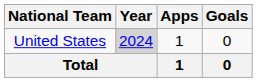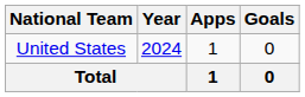 <table class="wikitable" style="text-align:center">
 <tr>
 <th>National Team</th>
 <th>Year</th>
 <th>Apps</th>
 <th>Goals</th>
 </tr>
 <tr>
 <td><a href='#'>United States</a></td>
-<td style="background: lightgrey;"><a href='#'>2024</a></td>
+<td><a href='#'>2024</a></td>
 <td>1</td>
 <td>0</td>
 </tr>
 <tr>
 <th colspan=2>Total</th>
 <th>1</th>
 <th>0</th>
 </tr>
 </table>
